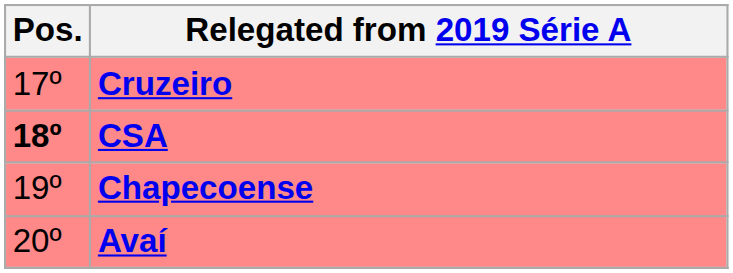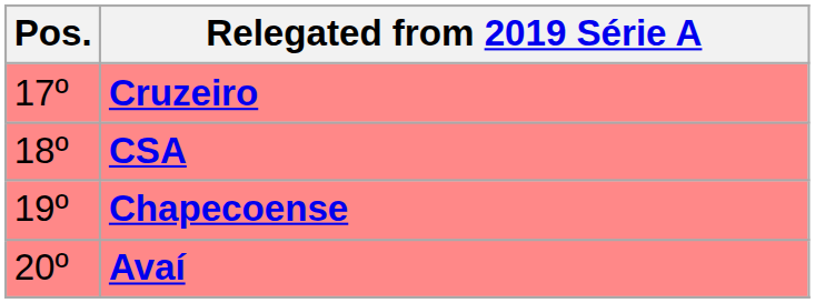 <table class="wikitable">
 <tr>
 <th align="center">Pos.</th>
 <th width="300">Relegated from <a href='#'>2019 Série A</a></th>
 </tr>
 <tr style="background: #FF8888;">
 <td>17º</td>
 <td><strong><a href='#'>Cruzeiro</a></strong></td>
 </tr>
 <tr style="background: #FF8888;">
-<td><strong>18º</strong></td>
+<td>18º</td>
 <td><strong><a href='#'>CSA</a></strong></td>
 </tr>
 <tr style="background: #FF8888;">
 <td>19º</td>
 <td><strong><a href='#'>Chapecoense</a></strong></td>
 </tr>
 <tr style="background: #FF8888;">
 <td>20º</td>
 <td><strong><a href='#'>Avaí</a></strong></td>
 </tr>
 <tr style="background: #FF8888;">
 </tr>
 </table>
